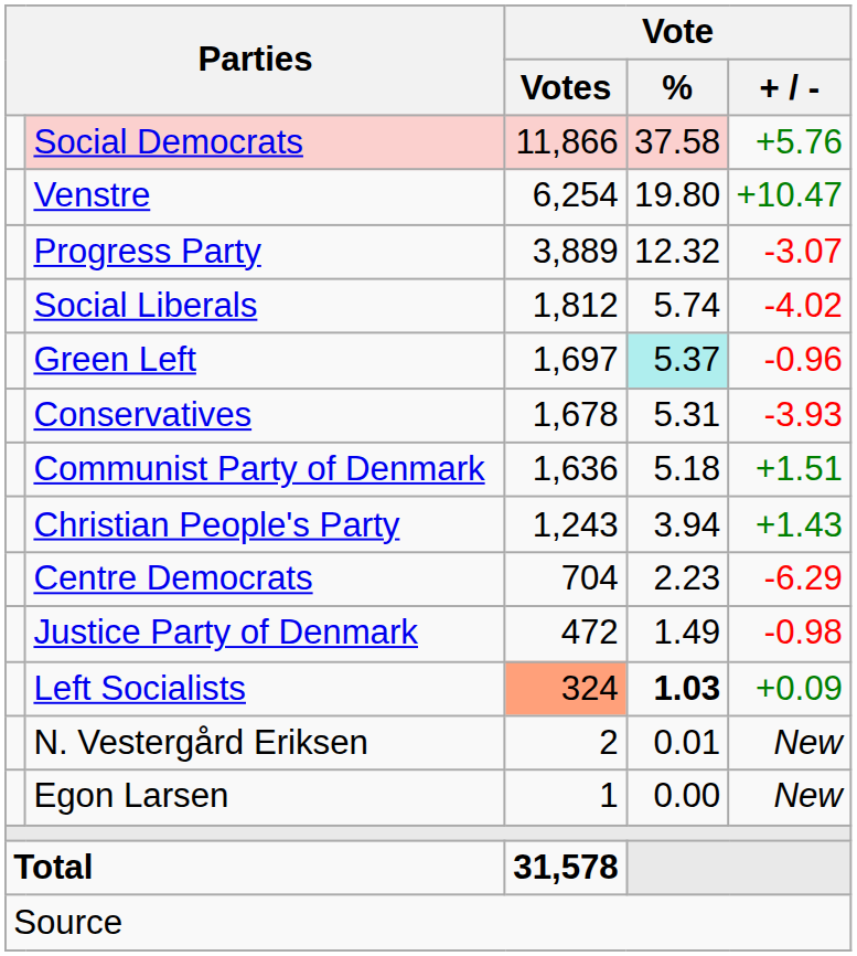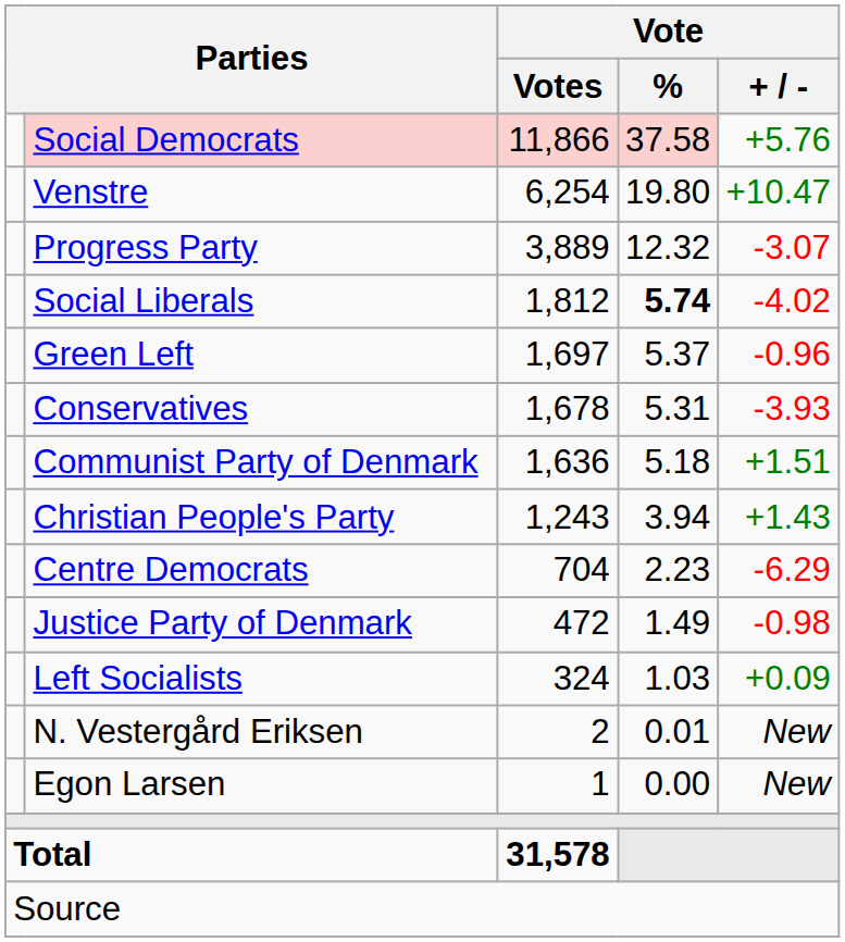 <table class="wikitable" style="text-align:right;">
 <tr>
 <th style="text-align:centre;" rowspan="2" colspan="2" width="225">Parties</th>
 <th colspan="3">Vote</th>
 </tr>
 <tr>
 <th width="15">Votes</th>
 <th width="15">%</th>
 <th width="15">+ / -</th>
 </tr>
 <tr>
 <td width="2" style="color:inherit;background:"></td>
 <td bgcolor=#fbd0ce  align="left"><a href='#'>Social Democrats</a></td>
 <td bgcolor=#fbd0ce>11,866</td>
 <td bgcolor=#fbd0ce>37.58</td>
 <td style=color:green;>+5.76</td>
 </tr>
 <tr>
 <td width="2" style="color:inherit;background:"></td>
 <td align="left"><a href='#'>Venstre</a></td>
 <td>6,254</td>
 <td>19.80</td>
 <td style=color:green;>+10.47</td>
 </tr>
 <tr>
 <td width="2" style="color:inherit;background:"></td>
 <td align="left"><a href='#'>Progress Party</a></td>
 <td>3,889</td>
 <td>12.32</td>
 <td style=color:red;>-3.07</td>
 </tr>
 <tr>
 <td width="2" style="color:inherit;background:"></td>
 <td align="left"><a href='#'>Social Liberals</a></td>
 <td>1,812</td>
-<td>5.74</td>
+<td><strong>5.74</strong></td>
 <td style=color:red;>-4.02</td>
 </tr>
 <tr>
 <td width="2" style="color:inherit;background:"></td>
 <td align="left"><a href='#'>Green Left</a></td>
 <td>1,697</td>
-<td style="background: paleturquoise;">5.37</td>
+<td>5.37</td>
 <td style=color:red;>-0.96</td>
 </tr>
 <tr>
 <td width="2" style="color:inherit;background:"></td>
 <td align="left"><a href='#'>Conservatives</a></td>
 <td>1,678</td>
 <td>5.31</td>
 <td style=color:red;>-3.93</td>
 </tr>
 <tr>
 <td width="2" style="color:inherit;background:"></td>
 <td align="left"><a href='#'>Communist Party of Denmark</a></td>
 <td>1,636</td>
 <td>5.18</td>
 <td style=color:green;>+1.51</td>
 </tr>
 <tr>
 <td width="2" style="color:inherit;background:"></td>
 <td align="left"><a href='#'>Christian People's Party</a></td>
 <td>1,243</td>
 <td>3.94</td>
 <td style=color:green;>+1.43</td>
 </tr>
 <tr>
 <td width="2" style="color:inherit;background:"></td>
 <td align="left"><a href='#'>Centre Democrats</a></td>
 <td>704</td>
 <td>2.23</td>
 <td style=color:red;>-6.29</td>
 </tr>
 <tr>
 <td width="2" style="color:inherit;background:"></td>
 <td align="left"><a href='#'>Justice Party of Denmark</a></td>
 <td>472</td>
 <td>1.49</td>
 <td style=color:red;>-0.98</td>
 </tr>
 <tr>
 <td width="2" style="color:inherit;background:"></td>
 <td align="left"><a href='#'>Left Socialists</a></td>
-<td style="background: lightsalmon;">324</td>
-<td><strong>1.03</strong></td>
+<td>324</td>
+<td>1.03</td>
 <td style=color:green;>+0.09</td>
 </tr>
 <tr>
 <td width="2" style="color:inherit;background:"></td>
 <td align="left">N. Vestergård Eriksen</td>
 <td>2</td>
 <td>0.01</td>
 <td><em>New</em></td>
 </tr>
 <tr>
 <td width="2" style="color:inherit;background:"></td>
 <td align="left">Egon Larsen</td>
 <td>1</td>
 <td>0.00</td>
 <td><em>New</em></td>
 </tr>
 <tr>
 <td colspan="7" bgcolor="#E9E9E9"></td>
 </tr>
 <tr>
 <td align="left" colspan="2"><strong>Total</strong></td>
 <td><strong>31,578</strong></td>
 <td bgcolor="#E9E9E9" colspan="2"></td>
 </tr>
 <tr>
 <td align="left" colspan="6">Source</td>
 </tr>
 </table>
